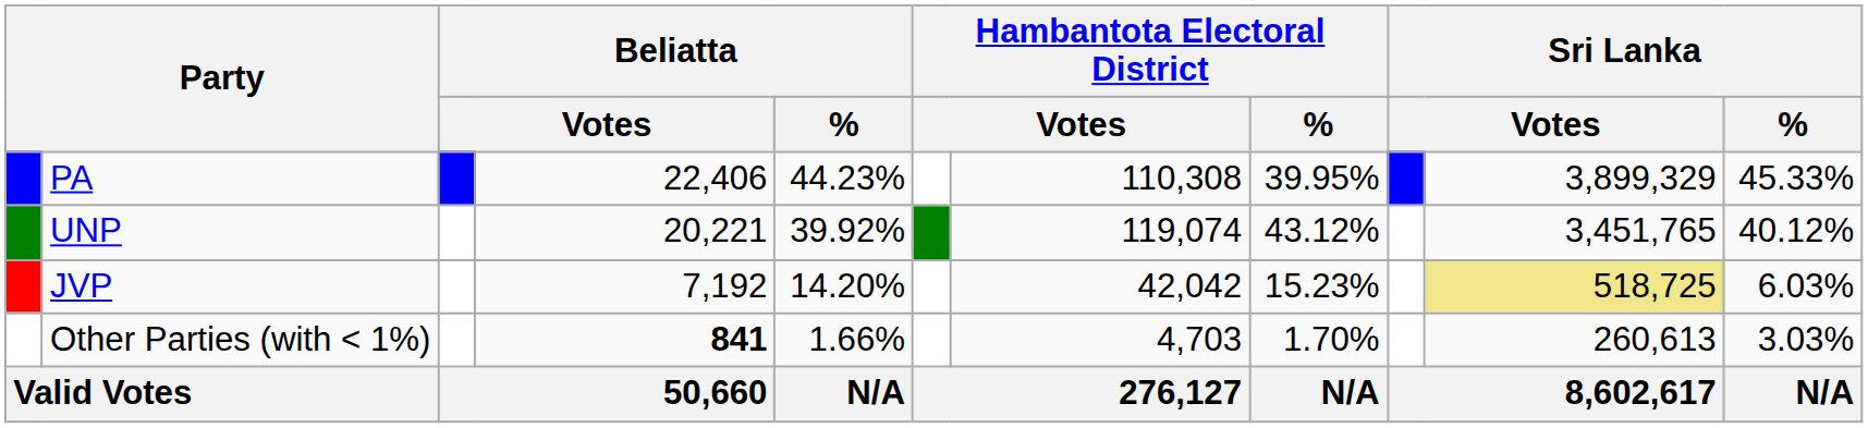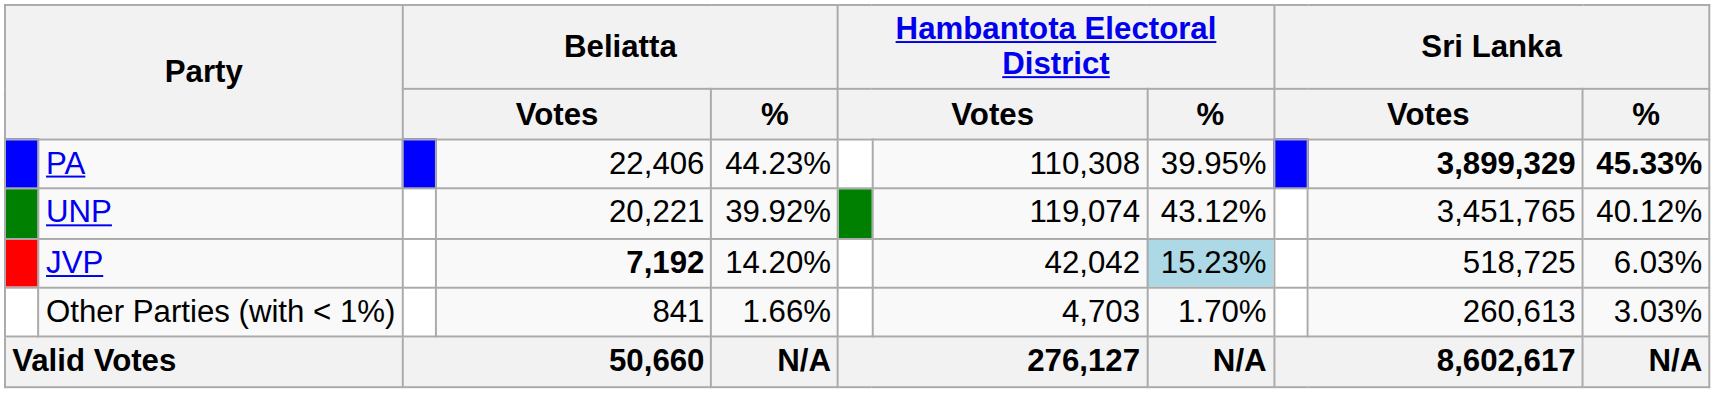 <table class="wikitable">
 <tr>
 <th colspan="2" width="144px"rowspan="2">Party</th>
 <th colspan="3" width="216px">Beliatta</th>
 <th colspan="3" width="216px"><a href='#'>Hambantota Electoral District</a></th>
 <th colspan="3" width="216px">Sri Lanka</th>
 </tr>
 <tr>
 <th colspan="2" width="144px">Votes</th>
 <th>%</th>
 <th colspan="2" width="144px">Votes</th>
 <th>%</th>
 <th colspan="2" width="144px">Votes</th>
 <th>%</th>
 </tr>
 <tr>
 <td style="background-color:blue;" width="10px"></td>
 <td style="text-align:left;"><a href='#'>PA</a></td>
 <td style="background-color:blue;" width="10px"></td>
 <td style="text-align:right;">22,406</td>
 <td style="text-align:right;">44.23%</td>
 <td style="background-color:white;" width="10px"></td>
 <td style="text-align:right;">110,308</td>
 <td style="text-align:right;">39.95%</td>
 <td style="background-color:blue;" width="10px"></td>
-<td style="text-align:right;">3,899,329</td>
-<td style="text-align:right;">45.33%</td>
+<td style="text-align:right;"><strong>3,899,329</strong></td>
+<td style="text-align:right;"><strong>45.33%</strong></td>
 </tr>
 <tr>
 <td style="background-color:green;" width="10px"></td>
 <td style="text-align:left;"><a href='#'>UNP</a></td>
 <td style="background-color:white;" width="10px"></td>
 <td style="text-align:right;">20,221</td>
 <td style="text-align:right;">39.92%</td>
 <td style="background-color:green;" width="10px"></td>
 <td style="text-align:right;">119,074</td>
 <td style="text-align:right;">43.12%</td>
 <td style="background-color:white;" width="10px"></td>
 <td style="text-align:right;">3,451,765</td>
 <td style="text-align:right;">40.12%</td>
 </tr>
 <tr>
 <td style="background-color:red;" width="10px"></td>
 <td style="text-align:left;"><a href='#'>JVP</a></td>
 <td style="background-color:white;" width="10px"></td>
-<td style="text-align:right;">7,192</td>
+<td style="text-align:right;"><strong>7,192</strong></td>
 <td style="text-align:right;">14.20%</td>
 <td style="background-color:white;" width="10px"></td>
 <td style="text-align:right;">42,042</td>
-<td style="text-align:right;">15.23%</td>
+<td style="background: lightblue; text-align:right;">15.23%</td>
 <td style="background-color:white;" width="10px"></td>
-<td style="background: khaki; text-align:right;">518,725</td>
+<td style="text-align:right;">518,725</td>
 <td style="text-align:right;">6.03%</td>
 </tr>
 <tr>
 <td style="background-color:white;" width="10px"></td>
 <td style="text-align:left;">Other Parties (with < 1%)</td>
 <td style="background-color:white;" width="10px"></td>
-<td style="text-align:right;"><strong>841</strong></td>
+<td style="text-align:right;">841</td>
 <td style="text-align:right;">1.66%</td>
 <td style="background-color:white;" width="10px"></td>
 <td style="text-align:right;">4,703</td>
 <td style="text-align:right;">1.70%</td>
 <td style="background-color:white;" width="10px"></td>
 <td style="text-align:right;">260,613</td>
 <td style="text-align:right;">3.03%</td>
 </tr>
 <tr>
 <th colspan="2" width="144px"style="text-align:left;">Valid Votes</th>
 <th style="text-align:right;"colspan="2" width="144px">50,660</th>
 <th style="text-align:right;">N/A</th>
 <th style="text-align:right;"colspan="2" width="144px">276,127</th>
 <th style="text-align:right;">N/A</th>
 <th style="text-align:right;"colspan="2" width="144px">8,602,617</th>
 <th style="text-align:right;">N/A</th>
 </tr>
 </table>
